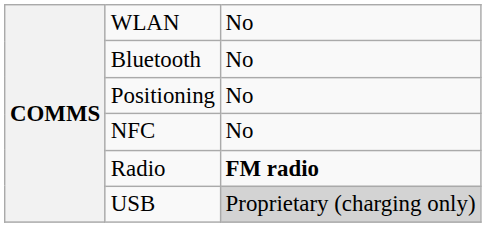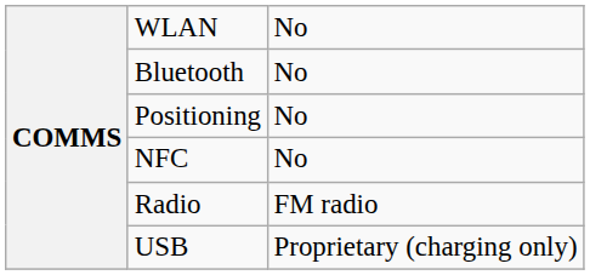 <table class="wikitable">
 <tr>
 <th rowspan="9">COMMS</th>
 <td>WLAN</td>
 <td>No</td>
 </tr>
 <tr>
 <td>Bluetooth</td>
 <td>No</td>
 </tr>
 <tr>
 <td>Positioning</td>
 <td>No</td>
 </tr>
 <tr>
 <td>NFC</td>
 <td>No</td>
 </tr>
 <tr>
 <td>Radio</td>
-<td><strong>FM radio</strong></td>
+<td>FM radio</td>
 </tr>
 <tr>
 <td>USB</td>
-<td style="background: lightgrey;">Proprietary (charging only)</td>
+<td>Proprietary (charging only)</td>
 </tr>
 </table>
